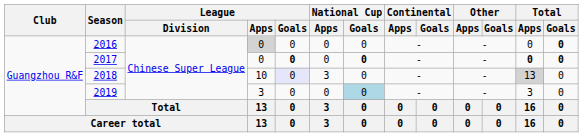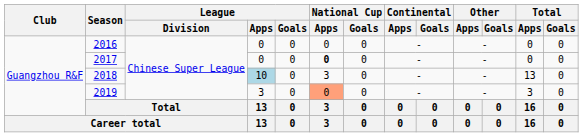 <table class="wikitable" style="text-align: center">
 <tr>
 <th rowspan="2">Club</th>
 <th rowspan="2">Season</th>
 <th colspan="3">League</th>
 <th colspan="2">National Cup</th>
 <th colspan="2">Continental</th>
 <th colspan="2">Other</th>
 <th colspan="2">Total</th>
 </tr>
 <tr>
 <th>Division</th>
 <th>Apps</th>
 <th>Goals</th>
 <th>Apps</th>
 <th>Goals</th>
 <th>Apps</th>
 <th>Goals</th>
 <th>Apps</th>
 <th>Goals</th>
 <th>Apps</th>
 <th>Goals</th>
 </tr>
 <tr>
 <td rowspan="5"><a href='#'>Guangzhou R&F</a></td>
 <td><a href='#'>2016</a></td>
 <td rowspan="4"><a href='#'>Chinese Super League</a></td>
-<td style="background: lightgrey;">0</td>
+<td>0</td>
 <td>0</td>
 <td>0</td>
 <td>0</td>
 <td colspan="2">-</td>
 <td colspan="2">-</td>
 <td>0</td>
-<td><strong>0</strong></td>
+<td>0</td>
 </tr>
 <tr>
 <td><a href='#'>2017</a></td>
 <td>0</td>
+<td>0</td>
 <td><strong>0</strong></td>
 <td>0</td>
-<td><strong>0</strong></td>
 <td colspan="2">-</td>
 <td colspan="2">-</td>
-<td><strong>0</strong></td>
-<td><strong>0</strong></td>
+<td>0</td>
+<td>0</td>
 </tr>
 <tr>
 <td><a href='#'>2018</a></td>
-<td>10</td>
-<td style="background: lavender;">0</td>
+<td style="background: lightblue;">10</td>
+<td>0</td>
 <td>3</td>
 <td>0</td>
 <td colspan="2">-</td>
 <td colspan="2">-</td>
-<td style="background: lightgrey;">13</td>
+<td>13</td>
 <td>0</td>
 </tr>
 <tr>
 <td><a href='#'>2019</a></td>
 <td>3</td>
 <td>0</td>
+<td style="background: lightsalmon;">0</td>
 <td>0</td>
-<td style="background: lightblue;">0</td>
 <td colspan="2">-</td>
 <td colspan="2">-</td>
 <td>3</td>
 <td>0</td>
 </tr>
 <tr>
 <th colspan="2"><strong>Total</strong></th>
 <th>13</th>
 <th>0</th>
 <th>3</th>
 <th>0</th>
 <th>0</th>
 <th>0</th>
 <th>0</th>
 <th>0</th>
 <th>16</th>
 <th>0</th>
 </tr>
 <tr>
 <th colspan=3>Career total</th>
 <th>13</th>
 <th>0</th>
 <th>3</th>
 <th>0</th>
 <th>0</th>
 <th>0</th>
 <th>0</th>
 <th>0</th>
 <th>16</th>
 <th>0</th>
 </tr>
 </table>
